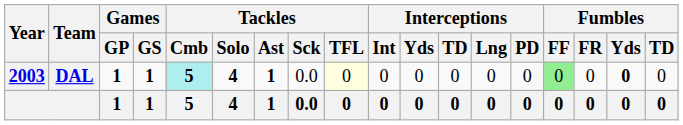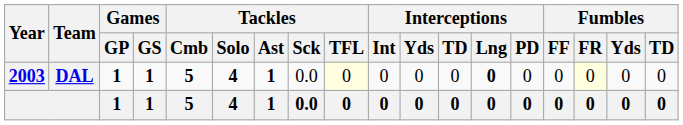 <table class="wikitable" style="text-align:center">
 <tr>
 <th rowspan="2">Year</th>
 <th rowspan="2">Team</th>
 <th colspan="2">Games</th>
 <th colspan="5">Tackles</th>
 <th colspan="5">Interceptions</th>
 <th colspan="4">Fumbles</th>
 </tr>
 <tr>
 <th>GP</th>
 <th>GS</th>
 <th>Cmb</th>
 <th>Solo</th>
 <th>Ast</th>
 <th>Sck</th>
 <th>TFL</th>
 <th>Int</th>
 <th>Yds</th>
 <th>TD</th>
 <th>Lng</th>
 <th>PD</th>
 <th>FF</th>
 <th>FR</th>
 <th>Yds</th>
 <th>TD</th>
 </tr>
 <tr>
 <th><a href='#'>2003</a></th>
 <th><a href='#'>DAL</a></th>
 <td><strong>1</strong></td>
 <td><strong>1</strong></td>
-<td style="background: paleturquoise;"><strong>5</strong></td>
+<td><strong>5</strong></td>
 <td><strong>4</strong></td>
 <td><strong>1</strong></td>
 <td>0.0</td>
 <td style="background: lightyellow;">0</td>
 <td>0</td>
 <td>0</td>
 <td>0</td>
+<td><strong>0</strong></td>
 <td>0</td>
 <td>0</td>
-<td style="background: lightgreen;">0</td>
+<td style="background: lightyellow;">0</td>
 <td>0</td>
-<td><strong>0</strong></td>
 <td>0</td>
 </tr>
 <tr>
 <th colspan="2"></th>
 <th>1</th>
 <th>1</th>
 <th>5</th>
 <th>4</th>
 <th>1</th>
 <th>0.0</th>
 <th>0</th>
 <th>0</th>
 <th>0</th>
 <th>0</th>
 <th>0</th>
 <th>0</th>
 <th>0</th>
 <th>0</th>
 <th>0</th>
 <th>0</th>
 </tr>
 </table>
